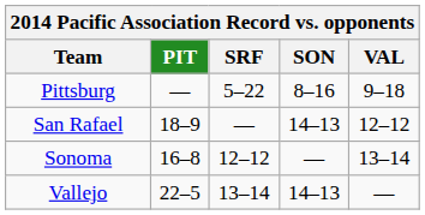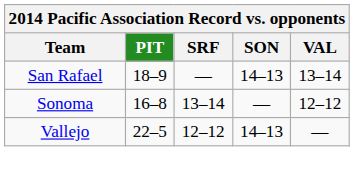 <table class="wikitable" style="font-size:95%; text-align:center;">
 <tr>
 <th colspan=5>2014 Pacific Association Record vs. opponents</th>
 </tr>
 <tr>
 <th style="width:100px;">Team</th>
 <th colspan="1" style="background:ForestGreen; color:white;">PIT</th>
 <th>SRF</th>
 <th>SON</th>
 <th>VAL</th>
 </tr>
 <tr>
-<td><a href='#'>Pittsburg</a></td>
-<td>—</td>
-<td>5–22</td>
-<td>8–16</td>
-<td>9–18</td>
-</tr>
-<tr>
 <td><a href='#'>San Rafael</a></td>
 <td>18–9</td>
 <td>—</td>
 <td>14–13</td>
-<td>12–12</td>
+<td>13–14</td>
 </tr>
 <tr>
 <td><a href='#'>Sonoma</a></td>
 <td>16–8</td>
+<td>13–14</td>
+<td>—</td>
 <td>12–12</td>
-<td>—</td>
-<td>13–14</td>
 </tr>
 <tr>
 <td><a href='#'>Vallejo</a></td>
 <td>22–5</td>
-<td>13–14</td>
+<td>12–12</td>
 <td>14–13</td>
 <td>—</td>
 </tr>
 </table>
